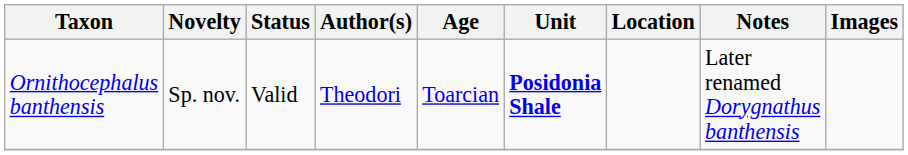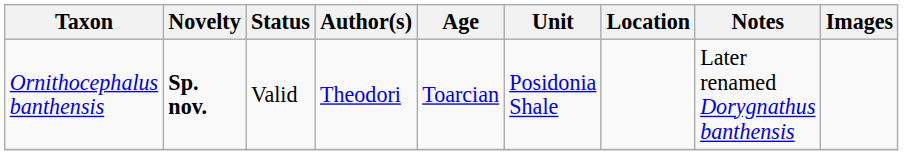 <table class="wikitable sortable" align="center" width="100%">
 <tr>
 <th>Taxon</th>
 <th>Novelty</th>
 <th>Status</th>
 <th>Author(s)</th>
 <th>Age</th>
 <th>Unit</th>
 <th>Location</th>
 <th>Notes</th>
 <th>Images</th>
 </tr>
 <tr>
 <td><em><a href='#'>Ornithocephalus banthensis</a></em></td>
-<td>Sp. nov.</td>
+<td><strong>Sp. nov.</strong></td>
 <td>Valid</td>
 <td><a href='#'>Theodori</a></td>
 <td><a href='#'>Toarcian</a></td>
-<td><strong><a href='#'>Posidonia Shale</a></strong></td>
+<td><a href='#'>Posidonia Shale</a></td>
 <td></td>
 <td>Later renamed <em><a href='#'>Dorygnathus banthensis</a></em></td>
 <td></td>
 </tr>
 <tr>
 </tr>
 </table>
